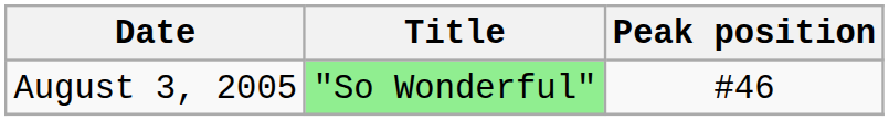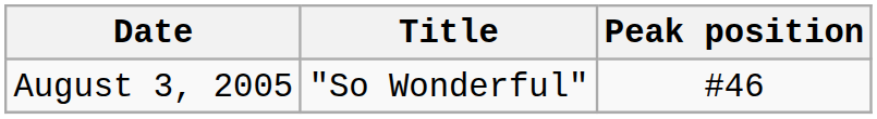 <table class="wikitable">
 <tr>
 <th>Date</th>
 <th>Title</th>
 <th>Peak position</th>
 </tr>
 <tr>
 <td>August 3, 2005</td>
-<td style="background: lightgreen;">"So Wonderful"</td>
+<td>"So Wonderful"</td>
 <td align="center">#46</td>
 </tr>
 <tr>
 </tr>
 </table>
